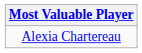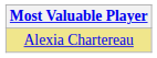 <table class=wikitable style="text-align:center; margin:auto">
 <tr>
 <th><a href='#'>Most Valuable Player</a></th>
 </tr>
 <tr>
-<td> <a href='#'>Alexia Chartereau</a></td>
+<td style="background: khaki;"> <a href='#'>Alexia Chartereau</a></td>
 </tr>
 </table>
